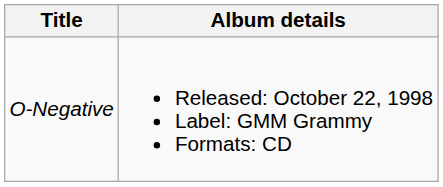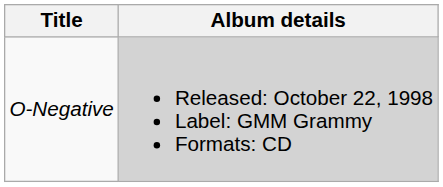 <table class="wikitable">
 <tr>
 <th>Title</th>
 <th>Album details</th>
 </tr>
 <tr>
 <td><em>O-Negative</em></td>
-<td><br><ul><li>Released: October 22, 1998</li><li>Label: GMM Grammy</li><li>Formats: CD</li></ul></td>
+<td style="background: lightgrey;"><br><ul><li>Released: October 22, 1998</li><li>Label: GMM Grammy</li><li>Formats: CD</li></ul></td>
 </tr>
 </table>
